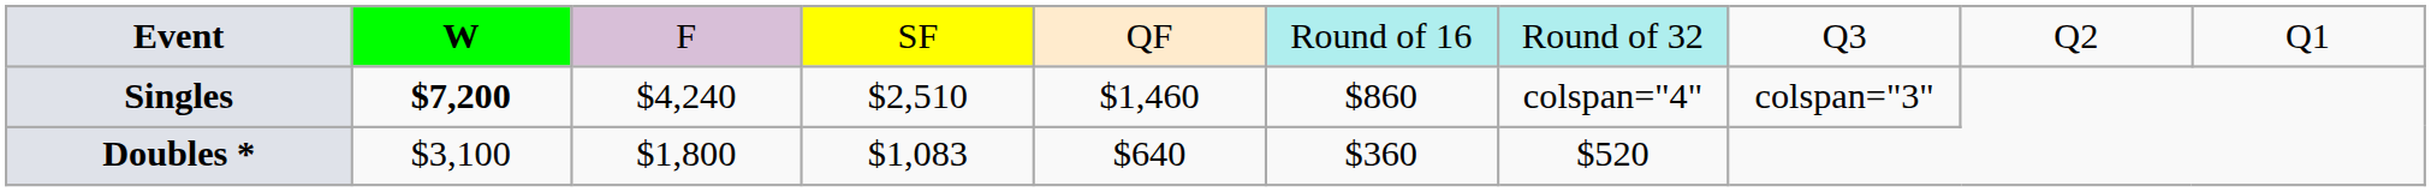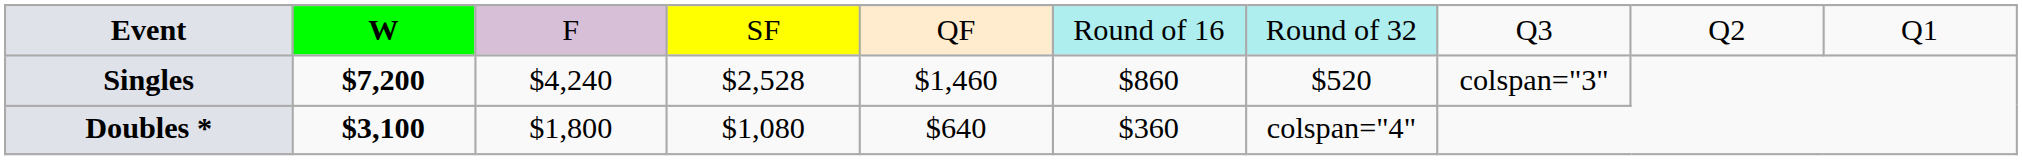 <table class=wikitable style=font-size:90%;text-align:center>
 <tr>
 <td style="width:130px; background:#dfe2e9;"><strong>Event</strong></td>
 <td style="width:80px; background:lime;"><strong>W</strong></td>
 <td style="width:85px; background:thistle;">F</td>
 <td style="width:85px; background:#ff0;">SF</td>
 <td style="width:85px; background:#ffebcd;">QF</td>
 <td style="width:85px; background:#afeeee;">Round of 16</td>
 <td style="width:85px; background:#afeeee;">Round of 32</td>
 <td width=85>Q3</td>
 <td width=85>Q2</td>
 <td width=85>Q1</td>
 </tr>
 <tr>
 <td style="background:#dfe2e9;"><strong>Singles</strong></td>
 <td><strong>$7,200</strong></td>
 <td>$4,240</td>
-<td>$2,510</td>
+<td>$2,528</td>
 <td>$1,460</td>
 <td>$860</td>
-<td>colspan="4" </td>
+<td>$520</td>
 <td>colspan="3" </td>
 </tr>
 <tr>
 <td style="background:#dfe2e9;"><strong>Doubles *</strong></td>
-<td>$3,100</td>
+<td><strong>$3,100</strong></td>
 <td>$1,800</td>
-<td>$1,083</td>
+<td>$1,080</td>
 <td>$640</td>
 <td>$360</td>
-<td>$520</td>
+<td>colspan="4" </td>
 </tr>
 </table>
